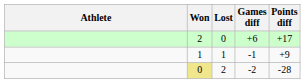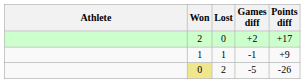 <table class="wikitable">
 <tr>
 <th style="width:18em">Athlete</th>
 <th>Won</th>
 <th>Lost</th>
 <th>Games<br>diff</th>
 <th>Points<br>diff</th>
 </tr>
 <tr bgcolor="#ccffcc">
 <td></td>
 <td align="center">2</td>
 <td align="center">0</td>
-<td align="center">+6</td>
+<td align="center">+2</td>
 <td align="center">+17</td>
 </tr>
 <tr>
 <td></td>
 <td align="center">1</td>
 <td align="center">1</td>
 <td align="center">-1</td>
 <td align="center">+9</td>
 </tr>
 <tr>
 <td></td>
 <td align="center" style="background: khaki;">0</td>
 <td align="center">2</td>
-<td align="center">-2</td>
-<td align="center">-28</td>
+<td align="center">-5</td>
+<td align="center">-26</td>
 </tr>
 </table>
